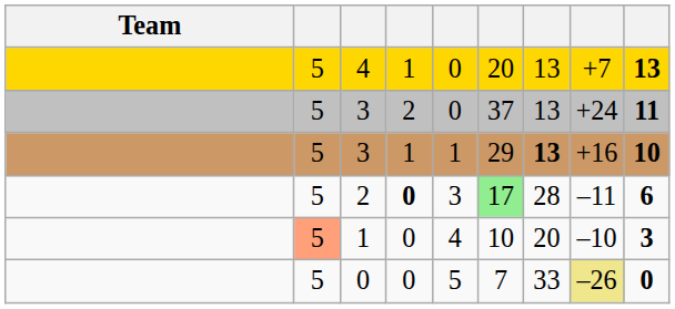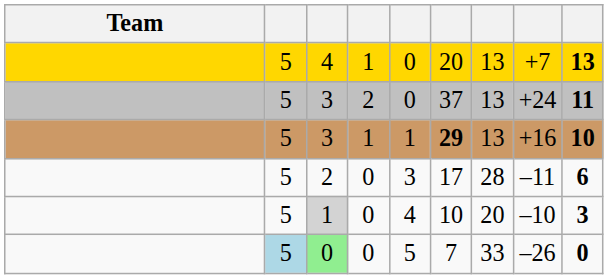 <table class="wikitable" style="text-align:center;">
 <tr>
 <th width=165>Team</th>
 <th width=20></th>
 <th width=20></th>
 <th width=20></th>
 <th width=20></th>
 <th width=20></th>
 <th width=20></th>
 <th width=20></th>
 <th width=20></th>
 </tr>
 <tr style="background:gold;">
 <td align="left"></td>
 <td>5</td>
 <td>4</td>
 <td>1</td>
 <td>0</td>
 <td>20</td>
 <td>13</td>
 <td>+7</td>
 <td><strong>13</strong></td>
 </tr>
 <tr style="background:silver;">
 <td align="left"></td>
 <td>5</td>
 <td>3</td>
 <td>2</td>
 <td>0</td>
 <td>37</td>
 <td>13</td>
 <td>+24</td>
 <td><strong>11</strong></td>
 </tr>
 <tr style="background:#c96;">
 <td align="left"></td>
 <td>5</td>
 <td>3</td>
 <td>1</td>
 <td>1</td>
-<td>29</td>
-<td><strong>13</strong></td>
+<td><strong>29</strong></td>
+<td>13</td>
 <td>+16</td>
 <td><strong>10</strong></td>
 </tr>
 <tr>
 <td align="left"></td>
 <td>5</td>
 <td>2</td>
-<td><strong>0</strong></td>
+<td>0</td>
 <td>3</td>
-<td style="background: lightgreen;">17</td>
+<td>17</td>
 <td>28</td>
 <td>–11</td>
 <td><strong>6</strong></td>
 </tr>
 <tr>
 <td align="left"></td>
-<td style="background: lightsalmon;">5</td>
-<td>1</td>
+<td>5</td>
+<td style="background: lightgrey;">1</td>
 <td>0</td>
 <td>4</td>
 <td>10</td>
 <td>20</td>
 <td>–10</td>
 <td><strong>3</strong></td>
 </tr>
 <tr>
 <td align="left"></td>
-<td>5</td>
-<td>0</td>
+<td style="background: lightblue;">5</td>
+<td style="background: lightgreen;">0</td>
 <td>0</td>
 <td>5</td>
 <td>7</td>
 <td>33</td>
-<td style="background: khaki;">–26</td>
+<td>–26</td>
 <td><strong>0</strong></td>
 </tr>
 </table>
